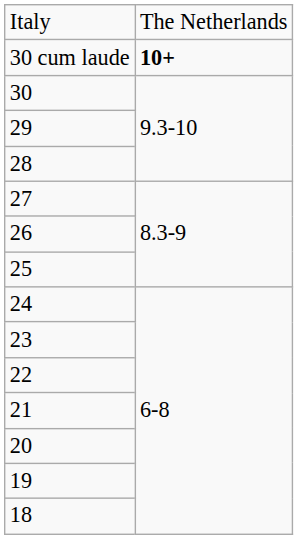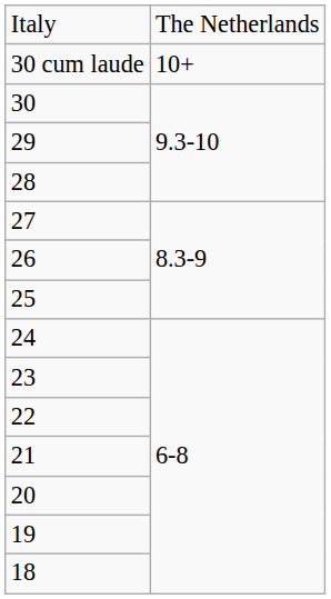 <table class="wikitable">
 <tr>
 <td>Italy</td>
 <td>The Netherlands</td>
 </tr>
 <tr>
 <td>30 cum laude</td>
-<td><strong>10+</strong></td>
+<td>10+</td>
 </tr>
 <tr>
 <td>30</td>
 <td rowspan="3">9.3-10</td>
 </tr>
 <tr>
 <td>29</td>
 </tr>
 <tr>
 <td>28</td>
 </tr>
 <tr>
 <td>27</td>
 <td rowspan="3">8.3-9</td>
 </tr>
 <tr>
 <td>26</td>
 </tr>
 <tr>
 <td>25</td>
 </tr>
 <tr>
 <td>24</td>
 <td rowspan="7">6-8</td>
 </tr>
 <tr>
 <td>23</td>
 </tr>
 <tr>
 <td>22</td>
 </tr>
 <tr>
 <td>21</td>
 </tr>
 <tr>
 <td>20</td>
 </tr>
 <tr>
 <td>19</td>
 </tr>
 <tr>
 <td>18</td>
 </tr>
 </table>
